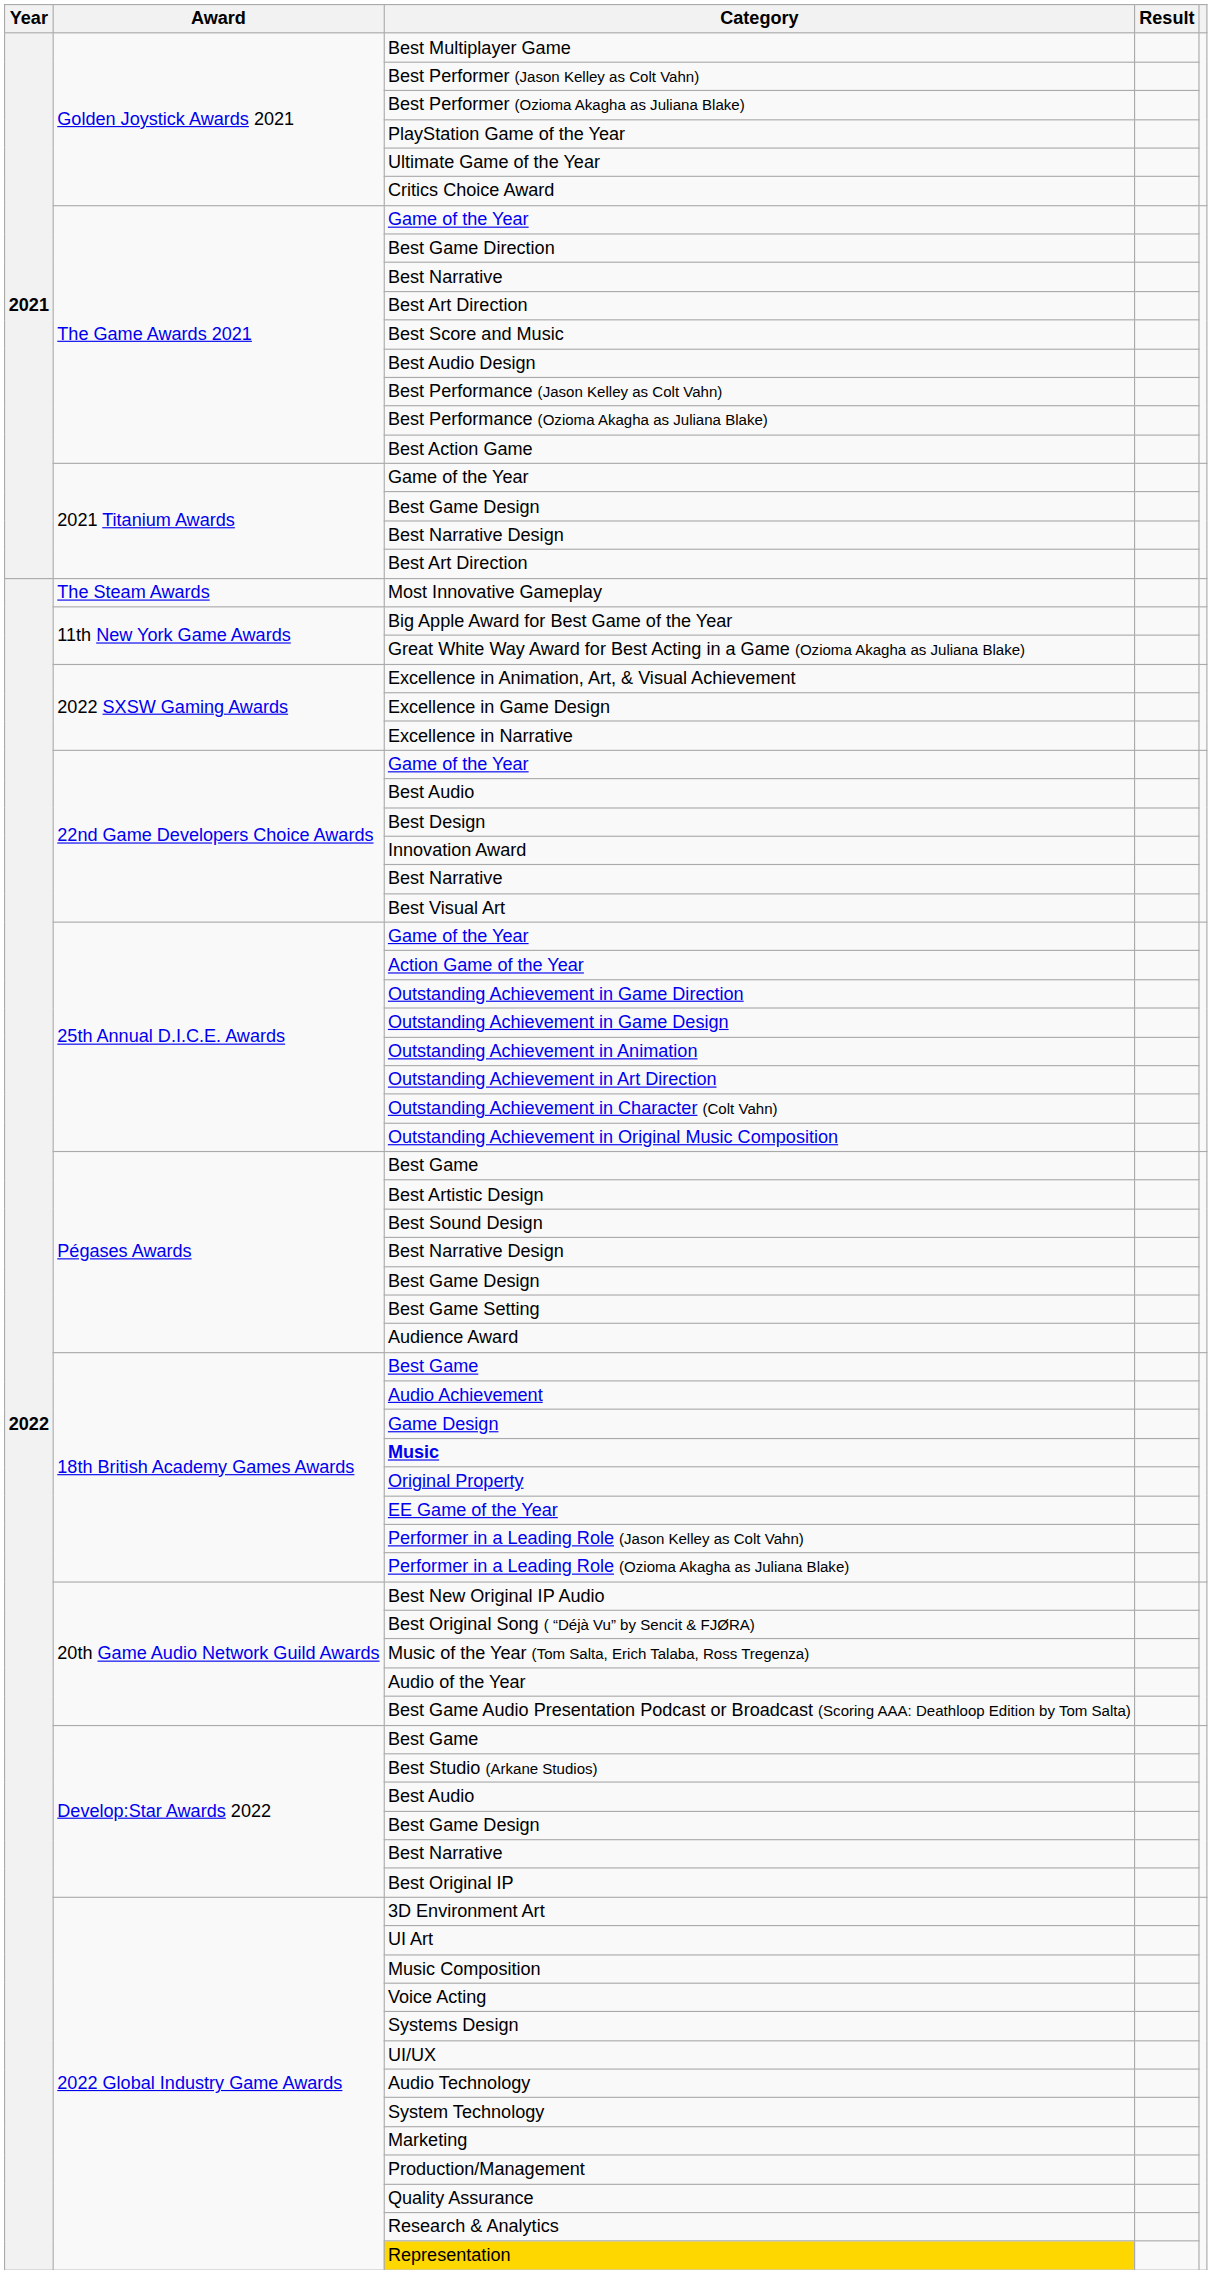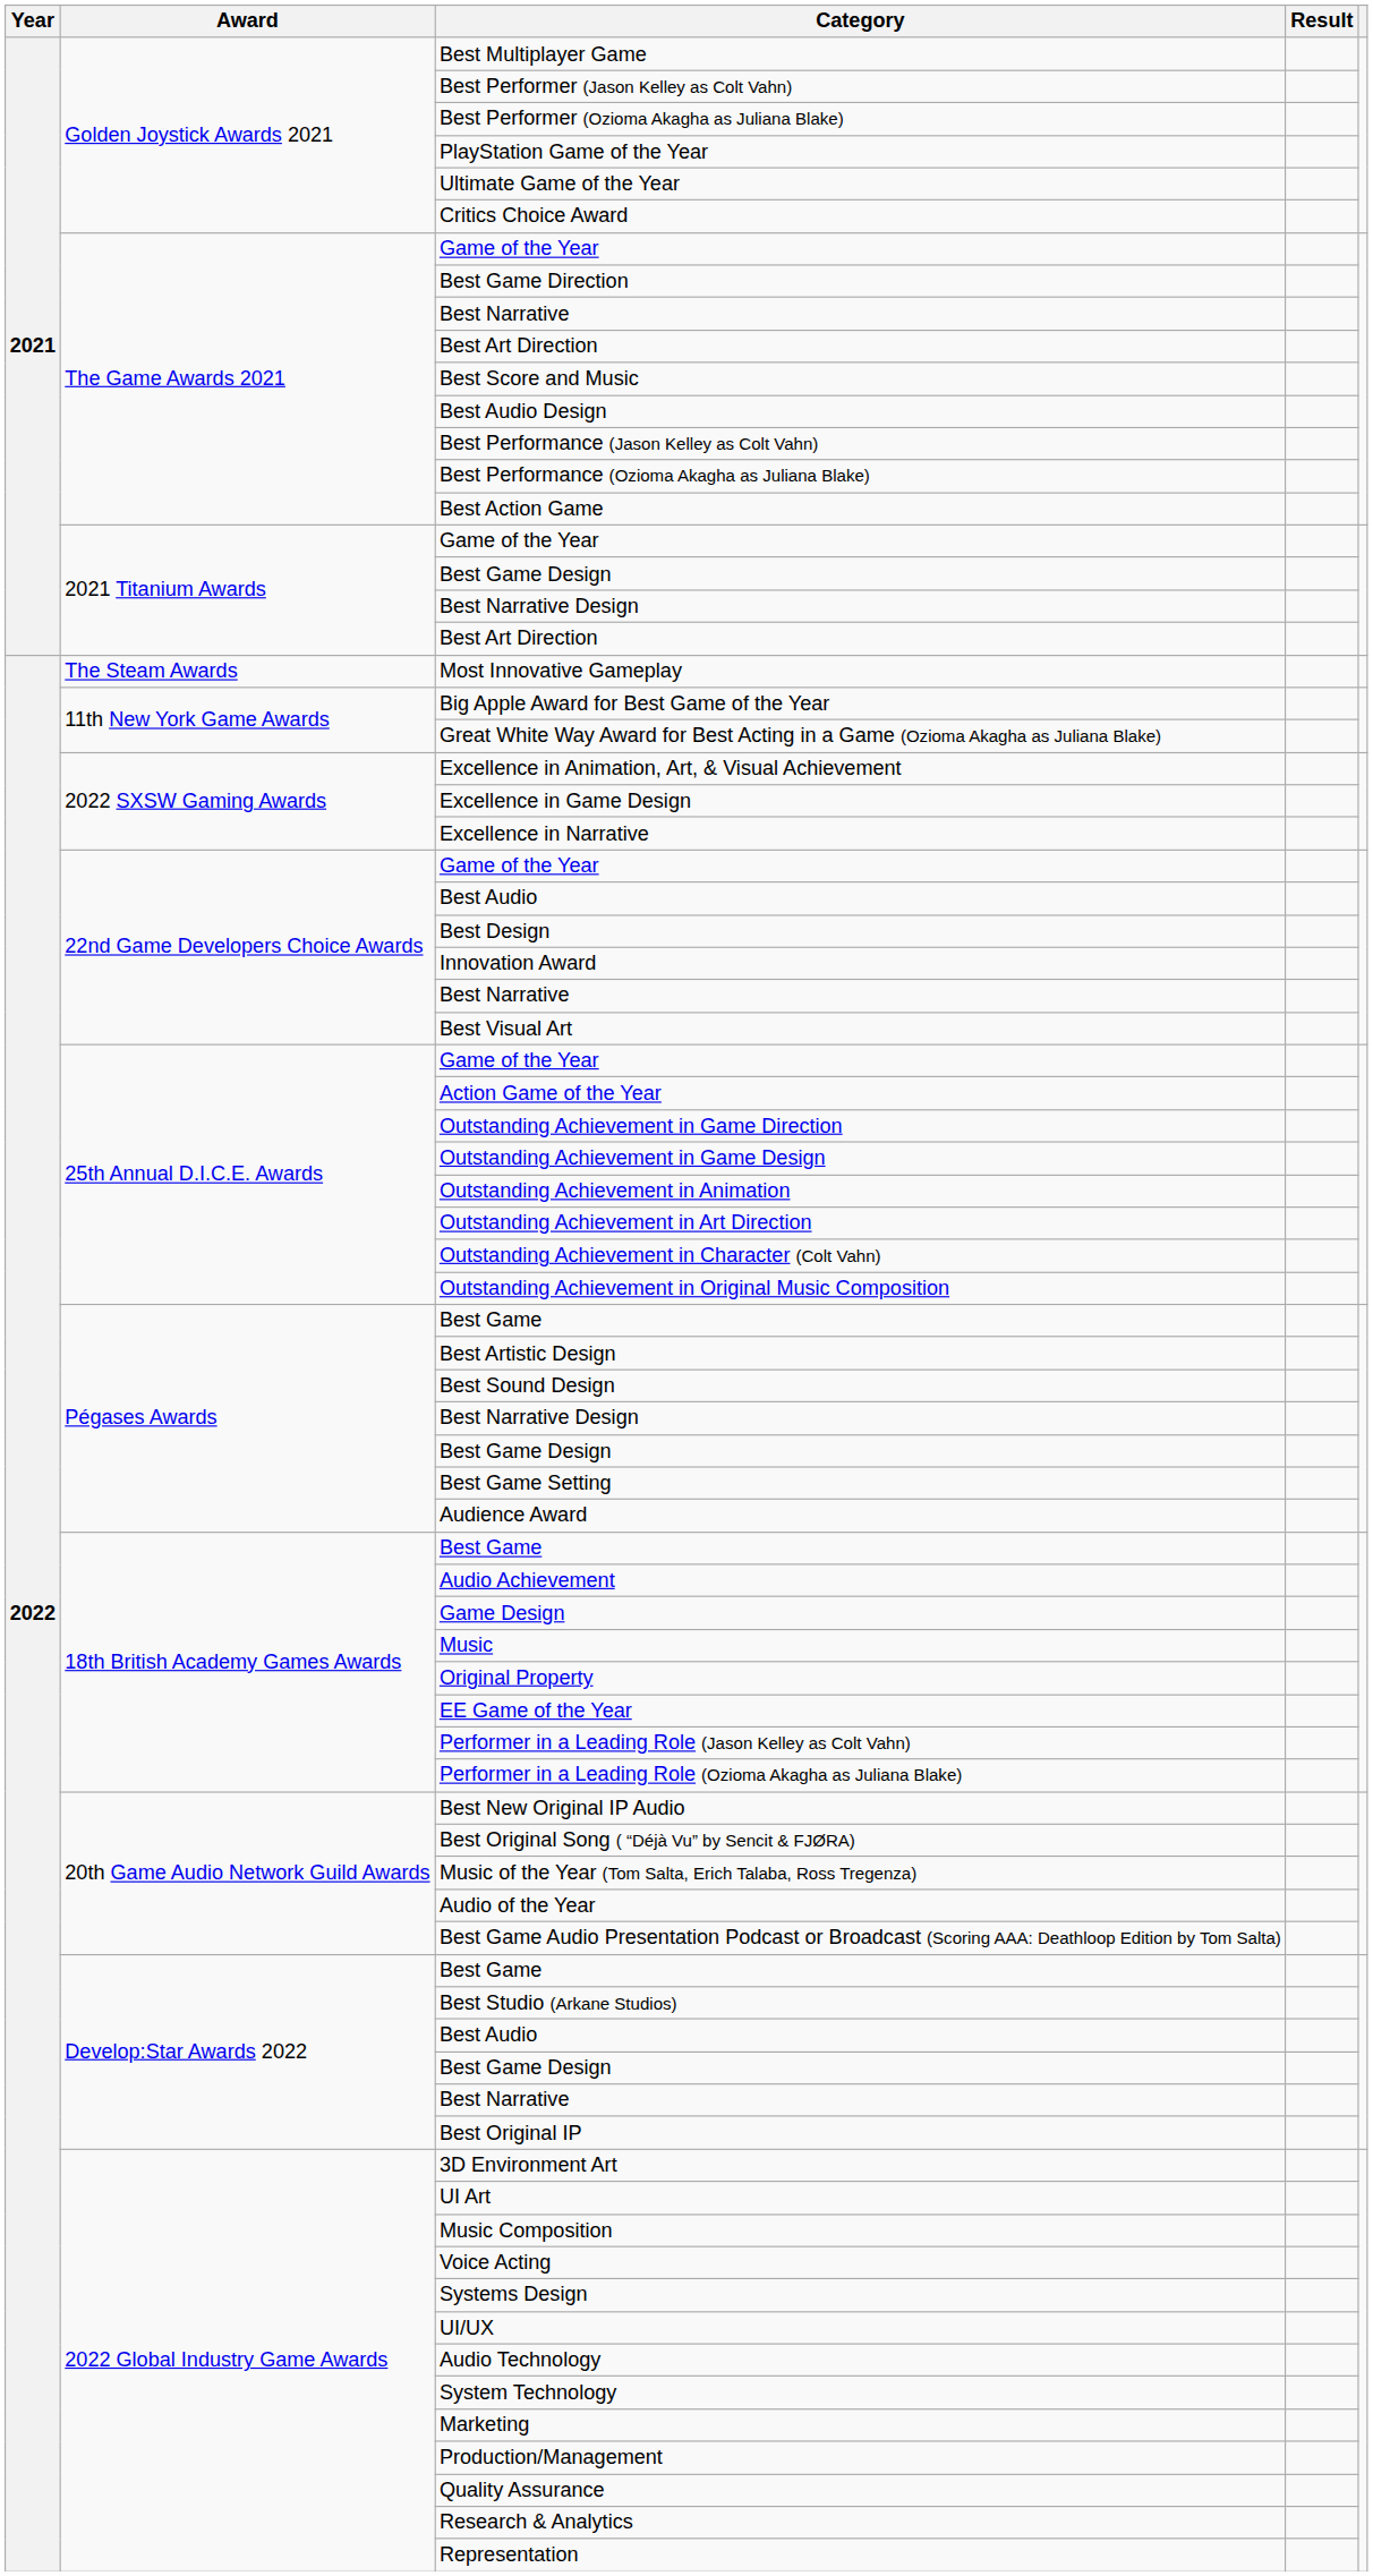 <table class="wikitable sortable">
 <tr>
 <th scope="col">Year</th>
 <th scope="col">Award</th>
 <th scope="col">Category</th>
 <th scope="col">Result</th>
 <th scope="col"></th>
 </tr>
 <tr>
 <th scope="rowgroup" rowspan="19">2021</th>
 <td rowspan="6"><a href='#'>Golden Joystick Awards</a> 2021</td>
 <td>Best Multiplayer Game</td>
 <td></td>
 <td rowspan="6" style="text-align:center;"></td>
 </tr>
 <tr>
 <td>Best Performer <small>(Jason Kelley as Colt Vahn)</small></td>
 <td></td>
 </tr>
 <tr>
 <td>Best Performer <small>(Ozioma Akagha as Juliana Blake)</small></td>
 <td></td>
 </tr>
 <tr>
 <td>PlayStation Game of the Year</td>
 <td></td>
 </tr>
 <tr>
 <td>Ultimate Game of the Year</td>
 <td></td>
 </tr>
 <tr>
 <td>Critics Choice Award</td>
 <td></td>
 </tr>
 <tr>
 <td rowspan="9"><a href='#'>The Game Awards 2021</a></td>
 <td><a href='#'>Game of the Year</a></td>
 <td></td>
 <td rowspan="9" style="text-align:center;"></td>
 </tr>
 <tr>
 <td>Best Game Direction</td>
 <td></td>
 </tr>
 <tr>
 <td>Best Narrative</td>
 <td></td>
 </tr>
 <tr>
 <td>Best Art Direction</td>
 <td></td>
 </tr>
 <tr>
 <td>Best Score and Music</td>
 <td></td>
 </tr>
 <tr>
 <td>Best Audio Design</td>
 <td></td>
 </tr>
 <tr>
 <td>Best Performance <small>(Jason Kelley as Colt Vahn)</small></td>
 <td></td>
 </tr>
 <tr>
 <td>Best Performance <small>(Ozioma Akagha as Juliana Blake)</small></td>
 <td></td>
 </tr>
 <tr>
 <td>Best Action Game</td>
 <td></td>
 </tr>
 <tr>
 <td rowspan="4">2021 <a href='#'>Titanium Awards</a></td>
 <td>Game of the Year</td>
 <td></td>
 <td rowspan="4" style="text-align:center;"></td>
 </tr>
 <tr>
 <td>Best Game Design</td>
 <td></td>
 </tr>
 <tr>
 <td>Best Narrative Design</td>
 <td></td>
 </tr>
 <tr>
 <td>Best Art Direction</td>
 <td></td>
 </tr>
 <tr>
 <th scope="rowgroup" rowspan="59">2022</th>
 <td><a href='#'>The Steam Awards</a></td>
 <td>Most Innovative Gameplay</td>
 <td></td>
 <td rowspan="1" style="text-align:center;"></td>
 </tr>
 <tr>
 <td rowspan="2">11th <a href='#'>New York Game Awards</a></td>
 <td>Big Apple Award for Best Game of the Year</td>
 <td></td>
 <td rowspan="2" style="text-align:center;"></td>
 </tr>
 <tr>
 <td>Great White Way Award for Best Acting in a Game <small>(Ozioma Akagha as Juliana Blake)</small></td>
 <td></td>
 </tr>
 <tr>
 <td rowspan="3">2022 <a href='#'>SXSW Gaming Awards</a></td>
 <td>Excellence in Animation, Art, & Visual Achievement</td>
 <td></td>
 <td rowspan="3" style="text-align:center;"></td>
 </tr>
 <tr>
 <td>Excellence in Game Design</td>
 <td></td>
 </tr>
 <tr>
 <td>Excellence in Narrative</td>
 <td></td>
 </tr>
 <tr>
 <td rowspan="6"><a href='#'>22nd Game Developers Choice Awards</a></td>
 <td><a href='#'>Game of the Year</a></td>
 <td></td>
 <td rowspan="6" style="text-align:center;"></td>
 </tr>
 <tr>
 <td>Best Audio</td>
 <td></td>
 </tr>
 <tr>
 <td>Best Design</td>
 <td></td>
 </tr>
 <tr>
 <td>Innovation Award</td>
 <td></td>
 </tr>
 <tr>
 <td>Best Narrative</td>
 <td></td>
 </tr>
 <tr>
 <td>Best Visual Art</td>
 <td></td>
 </tr>
 <tr>
 <td rowspan="8"><a href='#'>25th Annual D.I.C.E. Awards</a></td>
 <td><a href='#'>Game of the Year</a></td>
 <td></td>
 <td rowspan="8" style="text-align:center;"></td>
 </tr>
 <tr>
 <td><a href='#'>Action Game of the Year</a></td>
 <td></td>
 </tr>
 <tr>
 <td><a href='#'>Outstanding Achievement in Game Direction</a></td>
 <td></td>
 </tr>
 <tr>
 <td><a href='#'>Outstanding Achievement in Game Design</a></td>
 <td></td>
 </tr>
 <tr>
 <td><a href='#'>Outstanding Achievement in Animation</a></td>
 <td></td>
 </tr>
 <tr>
 <td><a href='#'>Outstanding Achievement in Art Direction</a></td>
 <td></td>
 </tr>
 <tr>
 <td><a href='#'>Outstanding Achievement in Character</a> <small>(Colt Vahn)</small></td>
 <td></td>
 </tr>
 <tr>
 <td><a href='#'>Outstanding Achievement in Original Music Composition</a></td>
 <td></td>
 </tr>
 <tr>
 <td rowspan="7"><a href='#'>Pégases Awards</a></td>
 <td>Best Game</td>
 <td></td>
 <td rowspan="7" style="text-align:center;"></td>
 </tr>
 <tr>
 <td>Best Artistic Design</td>
 <td></td>
 </tr>
 <tr>
 <td>Best Sound Design</td>
 <td></td>
 </tr>
 <tr>
 <td>Best Narrative Design</td>
 <td></td>
 </tr>
 <tr>
 <td>Best Game Design</td>
 <td></td>
 </tr>
 <tr>
 <td>Best Game Setting</td>
 <td></td>
 </tr>
 <tr>
 <td>Audience Award</td>
 <td></td>
 </tr>
 <tr>
 <td rowspan="8"><a href='#'>18th British Academy Games Awards</a></td>
 <td><a href='#'>Best Game</a></td>
 <td></td>
 <td rowspan="8" style="text-align:center;"></td>
 </tr>
 <tr>
 <td><a href='#'>Audio Achievement</a></td>
 <td></td>
 </tr>
 <tr>
 <td><a href='#'>Game Design</a></td>
 <td></td>
 </tr>
 <tr>
-<td><strong><a href='#'>Music</a></strong></td>
+<td><a href='#'>Music</a></td>
 <td></td>
 </tr>
 <tr>
 <td><a href='#'>Original Property</a></td>
 <td></td>
 </tr>
 <tr>
 <td><a href='#'>EE Game of the Year</a></td>
 <td></td>
 </tr>
 <tr>
 <td><a href='#'>Performer in a Leading Role</a> <small> (Jason Kelley as Colt Vahn) </small></td>
 <td></td>
 </tr>
 <tr>
 <td><a href='#'>Performer in a Leading Role</a> <small> (Ozioma Akagha as Juliana Blake) </small></td>
 <td></td>
 </tr>
 <tr>
 <td rowspan="5">20th <a href='#'>Game Audio Network Guild Awards</a></td>
 <td>Best New Original IP Audio</td>
 <td></td>
 <td rowspan="5" style="text-align:center;"></td>
 </tr>
 <tr>
 <td>Best Original Song <small>( “Déjà Vu” by Sencit & FJØRA)</small></td>
 <td></td>
 </tr>
 <tr>
 <td>Music of the Year <small>(Tom Salta, Erich Talaba, Ross Tregenza)</small></td>
 <td></td>
 </tr>
 <tr>
 <td>Audio of the Year</td>
 <td></td>
 </tr>
 <tr>
 <td>Best Game Audio Presentation Podcast or Broadcast <small>(Scoring AAA: Deathloop Edition by Tom Salta)</small></td>
 <td></td>
 </tr>
 <tr>
 <td rowspan="6"><a href='#'>Develop:Star Awards</a> 2022</td>
 <td>Best Game</td>
 <td></td>
 <td rowspan="6" style="text-align:center;"></td>
 </tr>
 <tr>
 <td>Best Studio <small>(Arkane Studios)</small></td>
 <td></td>
 </tr>
 <tr>
 <td>Best Audio</td>
 <td></td>
 </tr>
 <tr>
 <td>Best Game Design</td>
 <td></td>
 </tr>
 <tr>
 <td>Best Narrative</td>
 <td></td>
 </tr>
 <tr>
 <td>Best Original IP</td>
 <td></td>
 </tr>
 <tr>
 <td rowspan="13"><a href='#'>2022 Global Industry Game Awards</a></td>
 <td>3D Environment Art</td>
 <td></td>
 <td rowspan="13" style="text-align:center;"></td>
 </tr>
 <tr>
 <td>UI Art</td>
 <td></td>
 </tr>
 <tr>
 <td>Music Composition</td>
 <td></td>
 </tr>
 <tr>
 <td>Voice Acting</td>
 <td></td>
 </tr>
 <tr>
 <td>Systems Design</td>
 <td></td>
 </tr>
 <tr>
 <td>UI/UX</td>
 <td></td>
 </tr>
 <tr>
 <td>Audio Technology</td>
 <td></td>
 </tr>
 <tr>
 <td>System Technology</td>
 <td></td>
 </tr>
 <tr>
 <td>Marketing</td>
 <td></td>
 </tr>
 <tr>
 <td>Production/Management</td>
 <td></td>
 </tr>
 <tr>
 <td>Quality Assurance</td>
 <td></td>
 </tr>
 <tr>
 <td>Research & Analytics</td>
 <td></td>
 </tr>
 <tr>
-<td style="background: gold;">Representation</td>
+<td>Representation</td>
 <td></td>
 </tr>
 </table>
